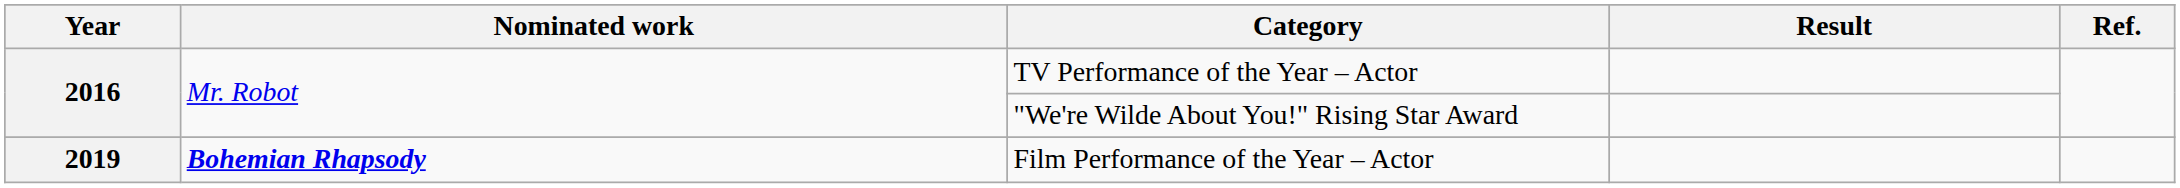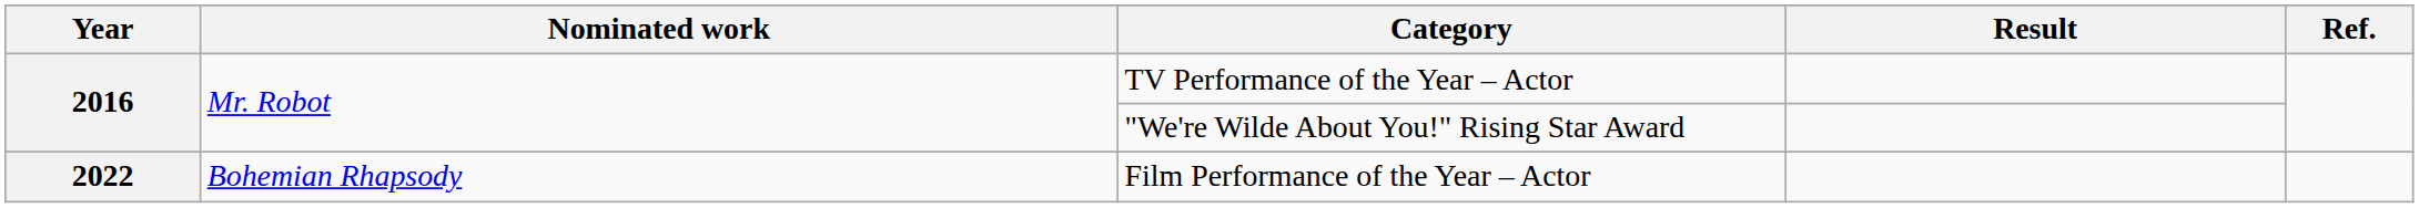 <table class="wikitable">
 <tr>
 <th width=2%>Year</th>
 <th width=11%>Nominated work</th>
 <th width=8%>Category</th>
 <th width=6%>Result</th>
 <th width=1%>Ref.</th>
 </tr>
 <tr>
 <th scope=row rowspan="2">2016</th>
 <td rowspan="2"><em><a href='#'>Mr. Robot</a></em></td>
 <td>TV Performance of the Year – Actor</td>
 <td></td>
 <td rowspan="2" style="text-align:center;"></td>
 </tr>
 <tr>
 <td>"We're Wilde About You!" Rising Star Award</td>
 <td></td>
 </tr>
 <tr>
-<th scope=row>2019</th>
-<td rowspan="1"><strong><em><a href='#'>Bohemian Rhapsody</a></em></strong></td>
+<th scope=row>2022</th>
+<td rowspan="1"><em><a href='#'>Bohemian Rhapsody</a></em></td>
 <td rowspan="1">Film Performance of the Year – Actor</td>
 <td></td>
 <td style="text-align:center;"></td>
 </tr>
 </table>
